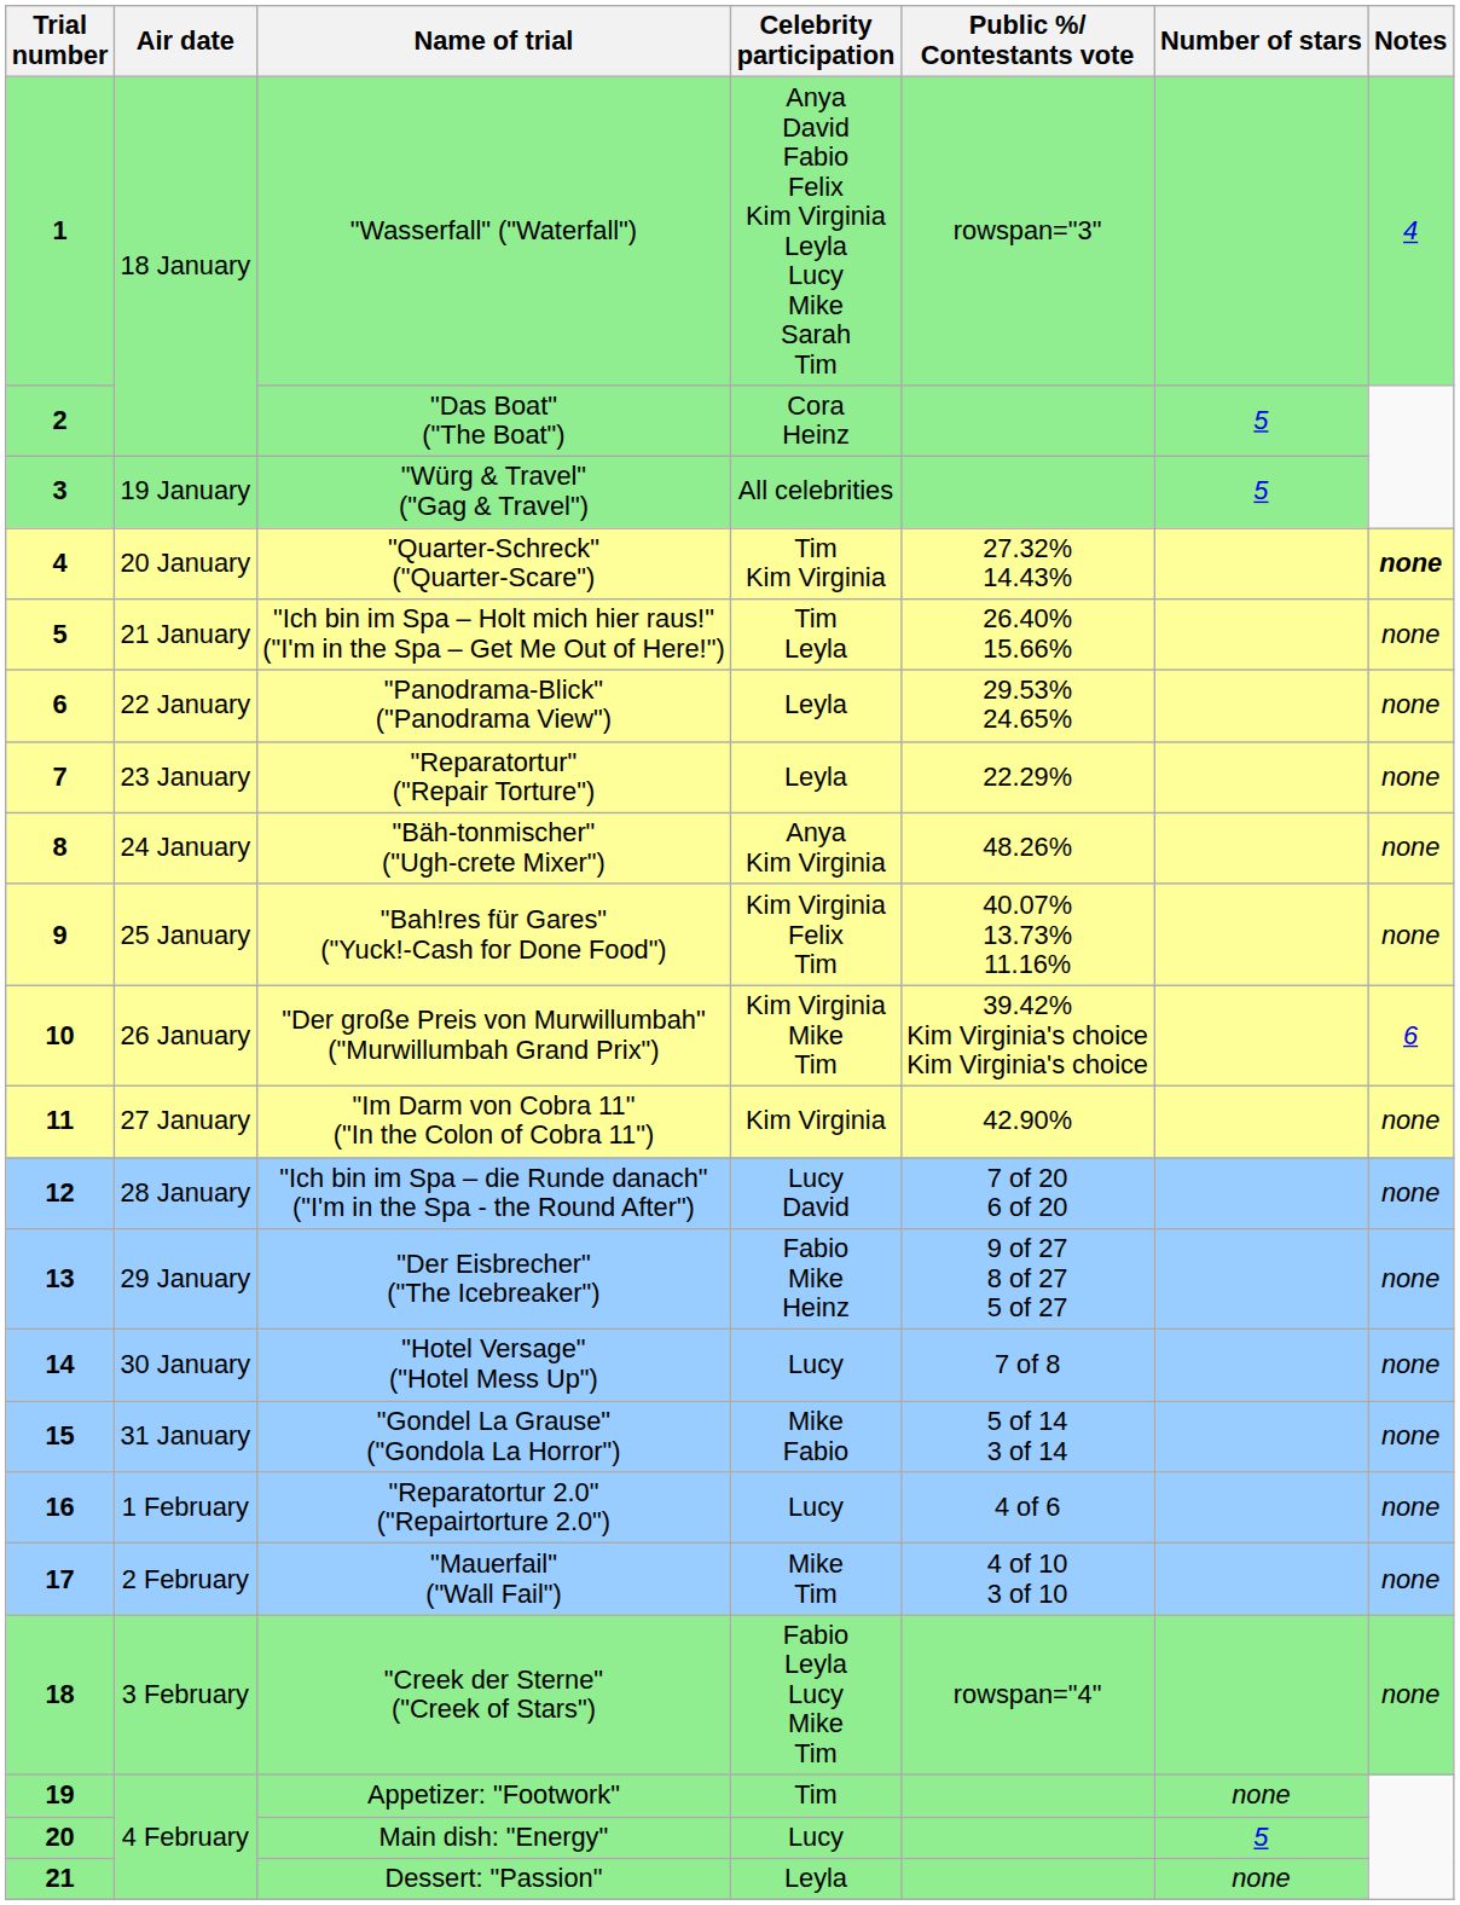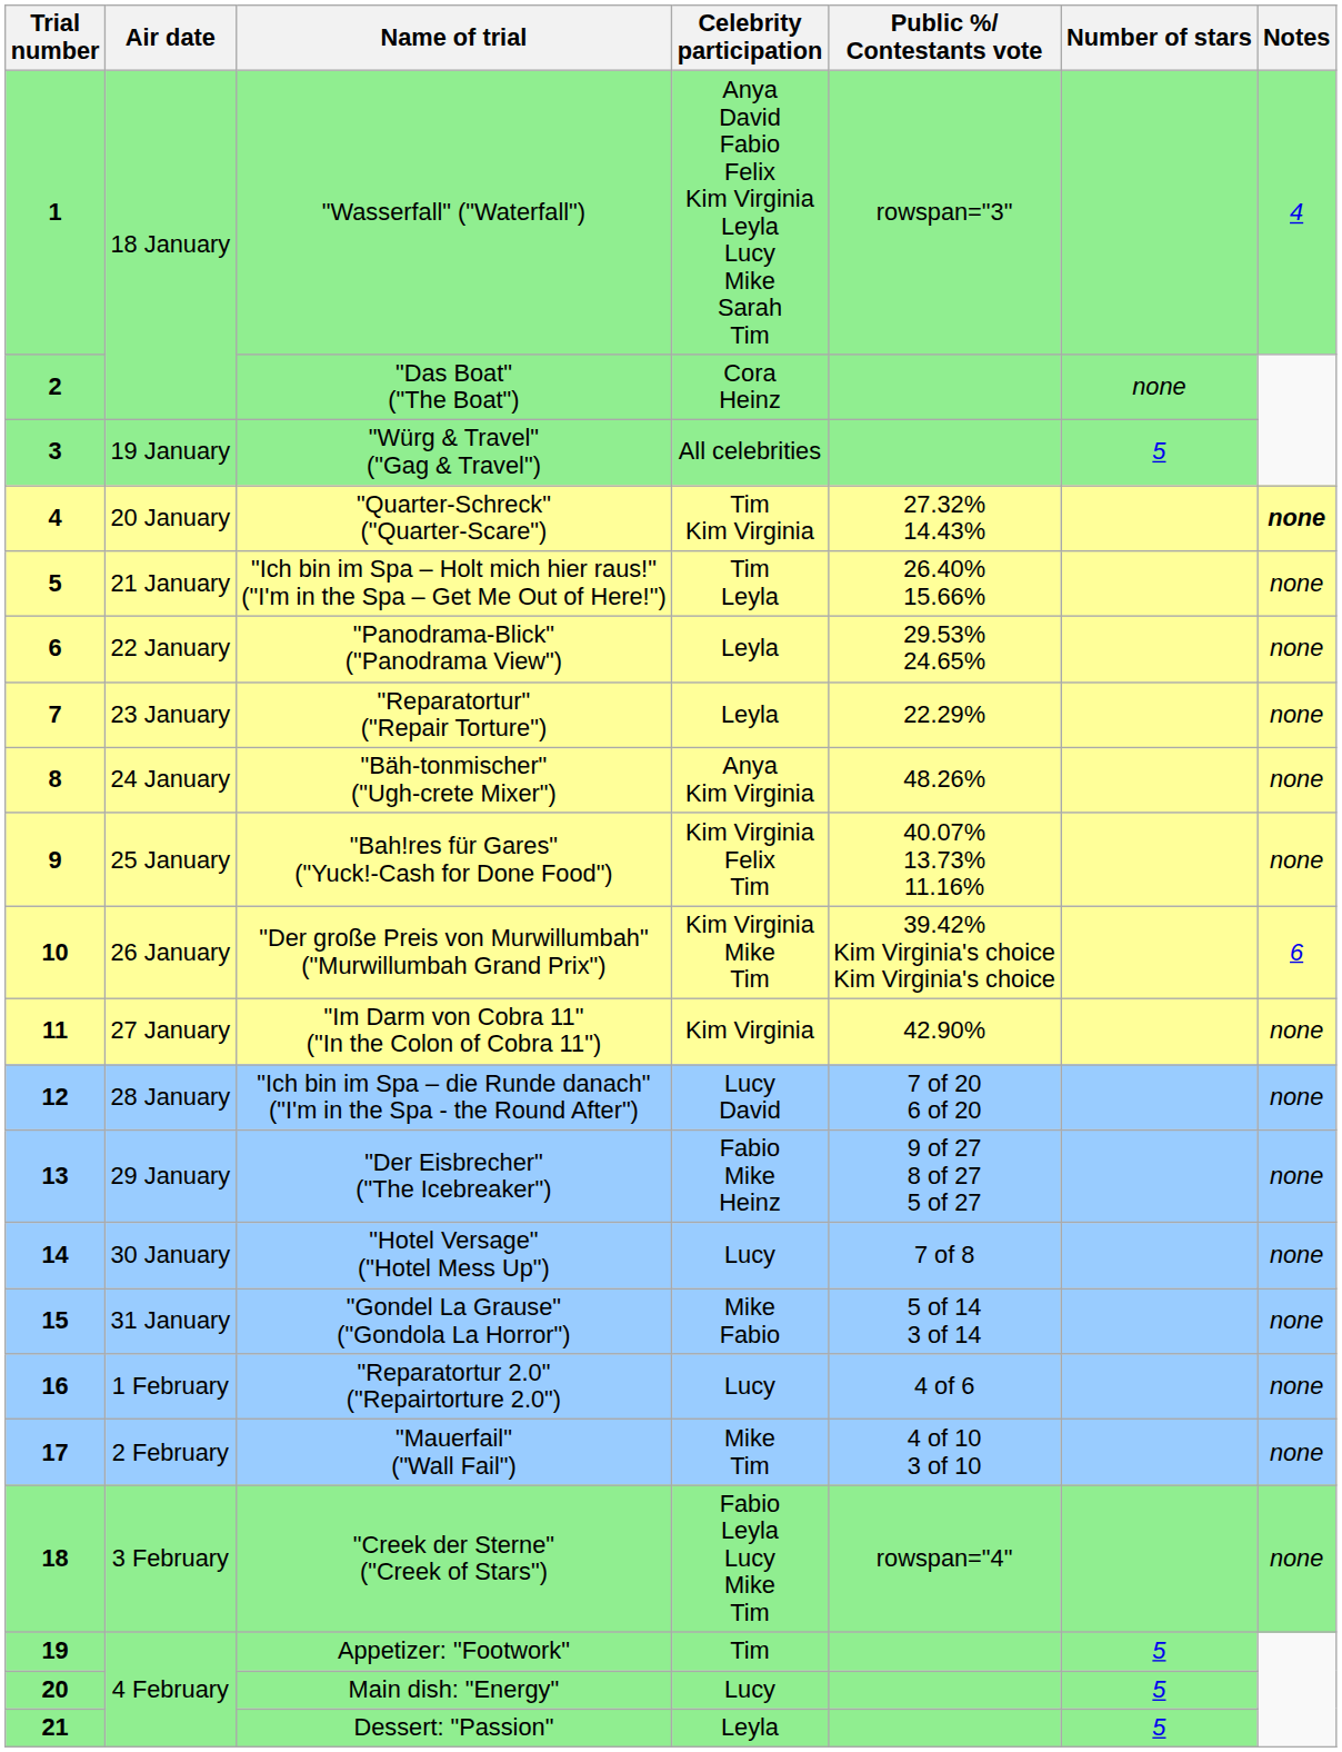 <table class=wikitable style="text-align:center">
 <tr>
 <th scope="col">Trial<br>number</th>
 <th scope="col">Air date</th>
 <th scope="col">Name of trial</th>
 <th scope="col">Celebrity<br>participation</th>
 <th scope="col">Public %/<br>Contestants vote</th>
 <th scope="col">Number of stars</th>
 <th scope="col">Notes</th>
 </tr>
 <tr style="background:lightgreen">
 <td><strong>1</strong></td>
 <td rowspan="2">18 January</td>
 <td>"Wasserfall" ("Waterfall")</td>
 <td>Anya<br>David<br>Fabio<br>Felix<br>Kim Virginia<br>Leyla<br>Lucy<br>Mike<br>Sarah<br>Tim</td>
 <td>rowspan="3" </td>
 <td></td>
 <td><em><a href='#'>4</a></em></td>
 </tr>
 <tr style="background:lightgreen">
 <td><strong>2</strong></td>
 <td>"Das Boat"<br>("The Boat")</td>
 <td>Cora<br>Heinz</td>
 <td></td>
-<td><em><a href='#'>5</a></em></td>
+<td><em>none</em></td>
 </tr>
 <tr style="background:lightgreen">
 <td><strong>3</strong></td>
 <td>19 January</td>
 <td>"Würg & Travel"<br>("Gag & Travel")</td>
 <td>All celebrities</td>
 <td></td>
 <td><em><a href='#'>5</a></em></td>
 </tr>
 <tr style="background:#FFFF99">
 <td><strong>4</strong></td>
 <td>20 January</td>
 <td>"Quarter-Schreck"<br>("Quarter-Scare")</td>
 <td>Tim<br>Kim Virginia</td>
 <td>27.32%<br>14.43%</td>
 <td></td>
 <td><strong><em>none</em></strong></td>
 </tr>
 <tr style="background:#FFFF99">
 <td><strong>5</strong></td>
 <td>21 January</td>
 <td>"Ich bin im Spa – Holt mich hier raus!"<br>("I'm in the Spa – Get Me Out of Here!")</td>
 <td>Tim<br>Leyla</td>
 <td>26.40%<br>15.66%</td>
 <td></td>
 <td><em>none</em></td>
 </tr>
 <tr style="background:#FFFF99">
 <td><strong>6</strong></td>
 <td>22 January</td>
 <td>"Panodrama-Blick"<br>("Panodrama View")</td>
 <td>Leyla</td>
 <td>29.53%<br>24.65%</td>
 <td></td>
 <td><em>none</em></td>
 </tr>
 <tr style="background:#FFFF99">
 <td><strong>7</strong></td>
 <td>23 January</td>
 <td>"Reparatortur"<br>("Repair Torture")</td>
 <td>Leyla</td>
 <td>22.29%</td>
 <td></td>
 <td><em>none</em></td>
 </tr>
 <tr style="background:#FFFF99">
 <td><strong>8</strong></td>
 <td>24 January</td>
 <td>"Bäh-tonmischer"<br>("Ugh-crete Mixer")</td>
 <td>Anya<br>Kim Virginia</td>
 <td>48.26%</td>
 <td></td>
 <td><em>none</em></td>
 </tr>
 <tr style="background:#FFFF99">
 <td><strong>9</strong></td>
 <td>25 January</td>
 <td>"Bah!res für Gares"<br>("Yuck!-Cash for Done Food")</td>
 <td>Kim Virginia<br>Felix<br>Tim</td>
 <td>40.07%<br>13.73%<br>11.16%</td>
 <td></td>
 <td><em>none</em></td>
 </tr>
 <tr style="background:#FFFF99">
 <td><strong>10</strong></td>
 <td>26 January</td>
 <td>"Der große Preis von Murwillumbah"<br>("Murwillumbah Grand Prix")</td>
 <td>Kim Virginia<br>Mike<br>Tim</td>
 <td>39.42%<br>Kim Virginia's choice<br>Kim Virginia's choice</td>
 <td></td>
 <td><em><a href='#'>6</a></em></td>
 </tr>
 <tr style="background:#FFFF99">
 <td><strong>11</strong></td>
 <td>27 January</td>
 <td>"Im Darm von Cobra 11"<br>("In the Colon of Cobra 11")</td>
 <td>Kim Virginia</td>
 <td>42.90%</td>
 <td></td>
 <td><em>none</em></td>
 </tr>
 <tr style="background:#99CCFF">
 <td><strong>12</strong></td>
 <td>28 January</td>
 <td>"Ich bin im Spa – die Runde danach"<br>("I'm in the Spa - the Round After")</td>
 <td>Lucy<br>David</td>
 <td>7 of 20<br>6 of 20</td>
 <td></td>
 <td><em>none</em></td>
 </tr>
 <tr style="background:#99CCFF">
 <td><strong>13</strong></td>
 <td>29 January</td>
 <td>"Der Eisbrecher"<br>("The Icebreaker")</td>
 <td>Fabio<br>Mike<br>Heinz</td>
 <td>9 of 27<br>8 of 27<br>5 of 27</td>
 <td></td>
 <td><em>none</em></td>
 </tr>
 <tr style="background:#99CCFF">
 <td><strong>14</strong></td>
 <td>30 January</td>
 <td>"Hotel Versage"<br>("Hotel Mess Up")</td>
 <td>Lucy</td>
 <td>7 of 8</td>
 <td></td>
 <td><em>none</em></td>
 </tr>
 <tr style="background:#99CCFF">
 <td><strong>15</strong></td>
 <td>31 January</td>
 <td>"Gondel La Grause"<br>("Gondola La Horror")</td>
 <td>Mike<br>Fabio</td>
 <td>5 of 14<br>3 of 14</td>
 <td></td>
 <td><em>none</em></td>
 </tr>
 <tr style="background:#99CCFF">
 <td><strong>16</strong></td>
 <td>1 February</td>
 <td>"Reparatortur 2.0"<br>("Repairtorture 2.0")</td>
 <td>Lucy</td>
 <td>4 of 6</td>
 <td></td>
 <td><em>none</em></td>
 </tr>
 <tr style="background:#99CCFF">
 <td><strong>17</strong></td>
 <td>2 February</td>
 <td>"Mauerfail"<br>("Wall Fail")</td>
 <td>Mike<br>Tim</td>
 <td>4 of 10<br>3 of 10</td>
 <td></td>
 <td><em>none</em></td>
 </tr>
 <tr style="background:lightgreen">
 <td><strong>18</strong></td>
 <td>3 February</td>
 <td>"Creek der Sterne"<br>("Creek of Stars")</td>
 <td>Fabio<br>Leyla<br>Lucy<br>Mike<br>Tim</td>
 <td>rowspan="4" </td>
 <td></td>
 <td><em>none</em></td>
 </tr>
 <tr style="background:lightgreen">
 <td><strong>19</strong></td>
 <td rowspan="3">4 February</td>
 <td>Appetizer: "Footwork"</td>
 <td>Tim</td>
 <td></td>
-<td><em>none</em></td>
+<td><em><a href='#'>5</a></em></td>
 </tr>
 <tr style="background:lightgreen">
 <td><strong>20</strong></td>
 <td>Main dish: "Energy"</td>
 <td>Lucy</td>
 <td></td>
 <td><em><a href='#'>5</a></em></td>
 </tr>
 <tr style="background:lightgreen">
 <td><strong>21</strong></td>
 <td>Dessert: "Passion"</td>
 <td>Leyla</td>
 <td></td>
-<td><em>none</em></td>
+<td><em><a href='#'>5</a></em></td>
 </tr>
 <tr>
 </tr>
 </table>
